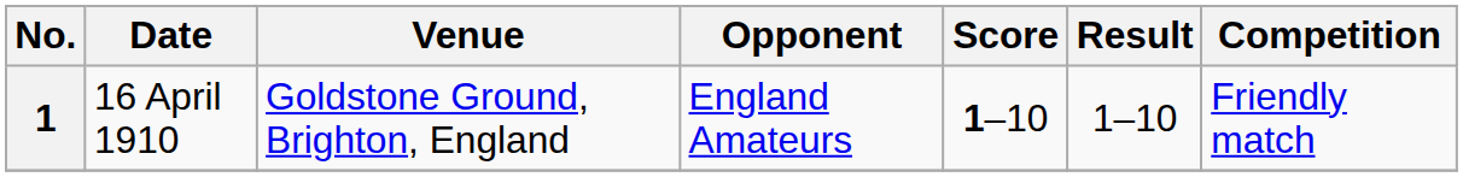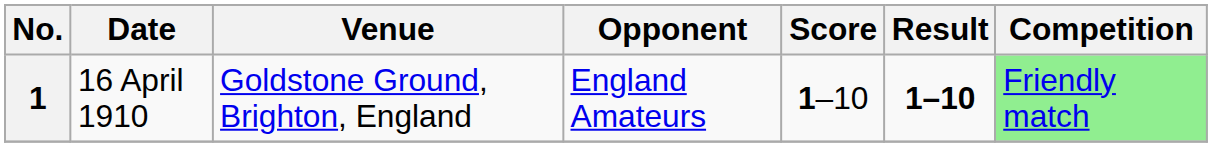 <table class="wikitable sortable plainrowheaders">
 <tr>
 <th scope=col>No.</th>
 <th scope=col>Date</th>
 <th scope=col>Venue</th>
 <th scope=col>Opponent</th>
 <th scope=col>Score</th>
 <th scope=col>Result</th>
 <th scope=col>Competition</th>
 </tr>
 <tr>
 <th scope=row style=text-align:center>1</th>
 <td>16 April 1910</td>
 <td><a href='#'>Goldstone Ground</a>, <a href='#'>Brighton</a>, England</td>
 <td> <a href='#'>England Amateurs</a></td>
 <td align=center><strong>1</strong>–10</td>
-<td align=center>1–10</td>
-<td><a href='#'>Friendly match</a></td>
+<td align=center><strong>1–10</strong></td>
+<td style="background: lightgreen;"><a href='#'>Friendly match</a></td>
 </tr>
 <tr>
 </tr>
 </table>
